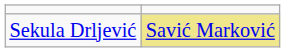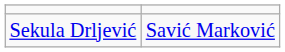 <table class="wikitable" style="text-align:left; float:right; margin-right:9px; margin-left:2px;">
 <tr>
 <td style="text-align:left;"></td>
 <td style="text-align:left;"></td>
 </tr>
 <tr>
 <td style="text-align:center;"><a href='#'>Sekula Drljević</a></td>
-<td style="background: khaki; text-align:center;"><a href='#'>Savić Marković</a></td>
+<td style="text-align:center;"><a href='#'>Savić Marković</a></td>
 </tr>
 </table>
